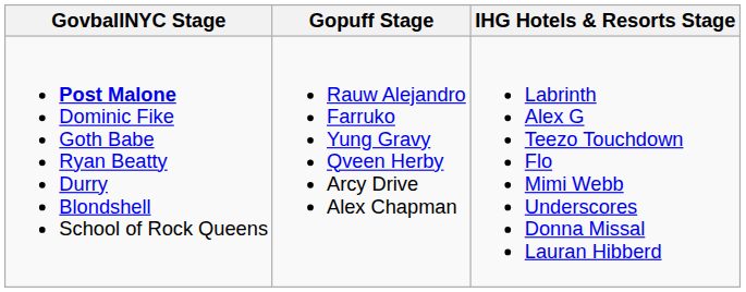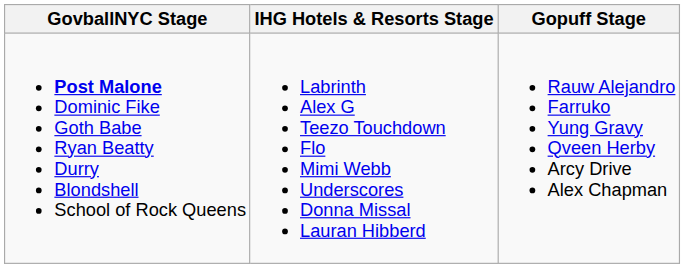 <table class="wikitable">
 <tr>
 <th>GovballNYC Stage</th>
+<th>IHG Hotels & Resorts Stage</th>
 <th>Gopuff Stage</th>
-<th>IHG Hotels & Resorts Stage</th>
 </tr>
 <tr valign="top">
 <td><br><ul><li><strong><a href='#'>Post Malone</a></strong></li><li><a href='#'>Dominic Fike</a></li><li><a href='#'>Goth Babe</a></li><li><a href='#'>Ryan Beatty</a></li><li><a href='#'>Durry</a></li><li><a href='#'>Blondshell</a></li><li>School of Rock Queens</li></ul></td>
+<td><br><ul><li><a href='#'>Labrinth</a></li><li><a href='#'>Alex G</a></li><li><a href='#'>Teezo Touchdown</a></li><li><a href='#'>Flo</a></li><li><a href='#'>Mimi Webb</a></li><li><a href='#'>Underscores</a></li><li><a href='#'>Donna Missal</a></li><li><a href='#'>Lauran Hibberd</a></li></ul></td>
 <td><br><ul><li><a href='#'>Rauw Alejandro</a></li><li><a href='#'>Farruko</a></li><li><a href='#'>Yung Gravy</a></li><li><a href='#'>Qveen Herby</a></li><li>Arcy Drive</li><li>Alex Chapman</li></ul></td>
-<td><br><ul><li><a href='#'>Labrinth</a></li><li><a href='#'>Alex G</a></li><li><a href='#'>Teezo Touchdown</a></li><li><a href='#'>Flo</a></li><li><a href='#'>Mimi Webb</a></li><li><a href='#'>Underscores</a></li><li><a href='#'>Donna Missal</a></li><li><a href='#'>Lauran Hibberd</a></li></ul></td>
 </tr>
 </table>
